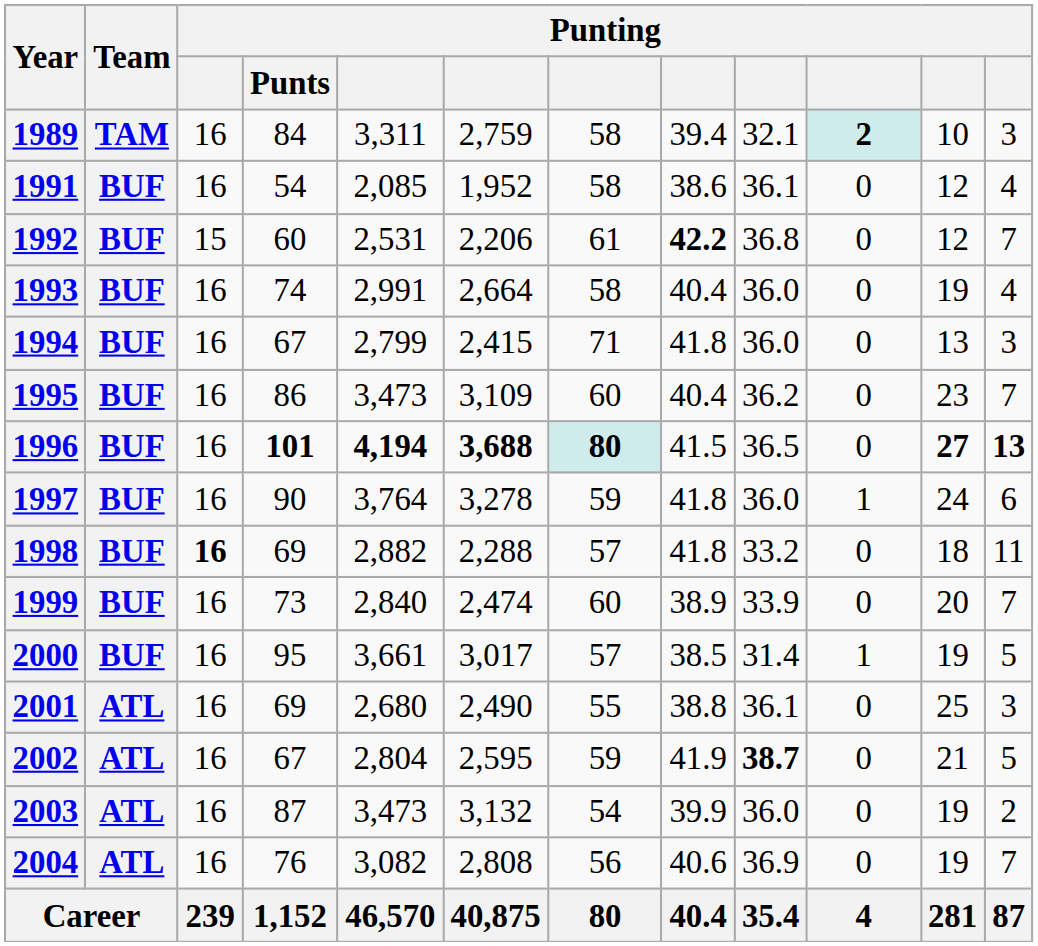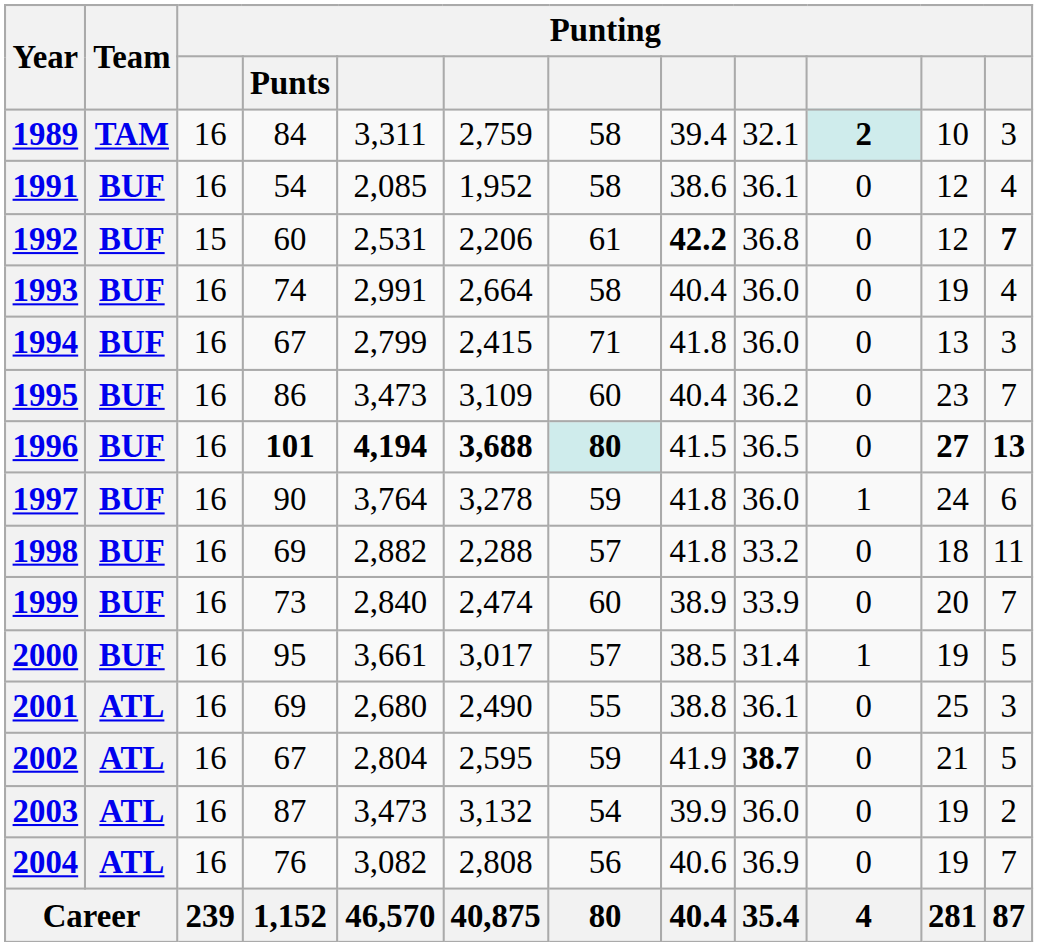 <table class=wikitable style="text-align:center;">
 <tr>
 <th rowspan="2">Year</th>
 <th rowspan="2">Team</th>
 <th colspan="10">Punting</th>
 </tr>
 <tr>
 <th></th>
 <th>Punts</th>
 <th></th>
 <th></th>
 <th></th>
 <th></th>
 <th></th>
 <th></th>
 <th></th>
 <th></th>
 </tr>
 <tr>
 <th><a href='#'>1989</a></th>
 <th><a href='#'>TAM</a></th>
 <td>16</td>
 <td>84</td>
 <td>3,311</td>
 <td>2,759</td>
 <td>58</td>
 <td>39.4</td>
 <td>32.1</td>
 <td style="background:#cfecec; width:3em;"><strong>2</strong></td>
 <td>10</td>
 <td>3</td>
 </tr>
 <tr>
 <th><a href='#'>1991</a></th>
 <th><a href='#'>BUF</a></th>
 <td>16</td>
 <td>54</td>
 <td>2,085</td>
 <td>1,952</td>
 <td>58</td>
 <td>38.6</td>
 <td>36.1</td>
 <td>0</td>
 <td>12</td>
 <td>4</td>
 </tr>
 <tr>
 <th><a href='#'>1992</a></th>
 <th><a href='#'>BUF</a></th>
 <td>15</td>
 <td>60</td>
 <td>2,531</td>
 <td>2,206</td>
 <td>61</td>
 <td><strong>42.2</strong></td>
 <td>36.8</td>
 <td>0</td>
 <td>12</td>
-<td>7</td>
+<td><strong>7</strong></td>
 </tr>
 <tr>
 <th><a href='#'>1993</a></th>
 <th><a href='#'>BUF</a></th>
 <td>16</td>
 <td>74</td>
 <td>2,991</td>
 <td>2,664</td>
 <td>58</td>
 <td>40.4</td>
 <td>36.0</td>
 <td>0</td>
 <td>19</td>
 <td>4</td>
 </tr>
 <tr>
 <th><a href='#'>1994</a></th>
 <th><a href='#'>BUF</a></th>
 <td>16</td>
 <td>67</td>
 <td>2,799</td>
 <td>2,415</td>
 <td>71</td>
 <td>41.8</td>
 <td>36.0</td>
 <td>0</td>
 <td>13</td>
 <td>3</td>
 </tr>
 <tr>
 <th><a href='#'>1995</a></th>
 <th><a href='#'>BUF</a></th>
 <td>16</td>
 <td>86</td>
 <td>3,473</td>
 <td>3,109</td>
 <td>60</td>
 <td>40.4</td>
 <td>36.2</td>
 <td>0</td>
 <td>23</td>
 <td>7</td>
 </tr>
 <tr>
 <th><a href='#'>1996</a></th>
 <th><a href='#'>BUF</a></th>
 <td>16</td>
 <td><strong>101</strong></td>
 <td><strong>4,194</strong></td>
 <td><strong>3,688</strong></td>
 <td style="background:#cfecec; width:3em;"><strong>80</strong></td>
 <td>41.5</td>
 <td>36.5</td>
 <td>0</td>
 <td><strong>27</strong></td>
 <td><strong>13</strong></td>
 </tr>
 <tr>
 <th><a href='#'>1997</a></th>
 <th><a href='#'>BUF</a></th>
 <td>16</td>
 <td>90</td>
 <td>3,764</td>
 <td>3,278</td>
 <td>59</td>
 <td>41.8</td>
 <td>36.0</td>
 <td>1</td>
 <td>24</td>
 <td>6</td>
 </tr>
 <tr>
 <th><a href='#'>1998</a></th>
 <th><a href='#'>BUF</a></th>
-<td><strong>16</strong></td>
+<td>16</td>
 <td>69</td>
 <td>2,882</td>
 <td>2,288</td>
 <td>57</td>
 <td>41.8</td>
 <td>33.2</td>
 <td>0</td>
 <td>18</td>
 <td>11</td>
 </tr>
 <tr>
 <th><a href='#'>1999</a></th>
 <th><a href='#'>BUF</a></th>
 <td>16</td>
 <td>73</td>
 <td>2,840</td>
 <td>2,474</td>
 <td>60</td>
 <td>38.9</td>
 <td>33.9</td>
 <td>0</td>
 <td>20</td>
 <td>7</td>
 </tr>
 <tr>
 <th><a href='#'>2000</a></th>
 <th><a href='#'>BUF</a></th>
 <td>16</td>
 <td>95</td>
 <td>3,661</td>
 <td>3,017</td>
 <td>57</td>
 <td>38.5</td>
 <td>31.4</td>
 <td>1</td>
 <td>19</td>
 <td>5</td>
 </tr>
 <tr>
 <th><a href='#'>2001</a></th>
 <th><a href='#'>ATL</a></th>
 <td>16</td>
 <td>69</td>
 <td>2,680</td>
 <td>2,490</td>
 <td>55</td>
 <td>38.8</td>
 <td>36.1</td>
 <td>0</td>
 <td>25</td>
 <td>3</td>
 </tr>
 <tr>
 <th><a href='#'>2002</a></th>
 <th><a href='#'>ATL</a></th>
 <td>16</td>
 <td>67</td>
 <td>2,804</td>
 <td>2,595</td>
 <td>59</td>
 <td>41.9</td>
 <td><strong>38.7</strong></td>
 <td>0</td>
 <td>21</td>
 <td>5</td>
 </tr>
 <tr>
 <th><a href='#'>2003</a></th>
 <th><a href='#'>ATL</a></th>
 <td>16</td>
 <td>87</td>
 <td>3,473</td>
 <td>3,132</td>
 <td>54</td>
 <td>39.9</td>
 <td>36.0</td>
 <td>0</td>
 <td>19</td>
 <td>2</td>
 </tr>
 <tr>
 <th><a href='#'>2004</a></th>
 <th><a href='#'>ATL</a></th>
 <td>16</td>
 <td>76</td>
 <td>3,082</td>
 <td>2,808</td>
 <td>56</td>
 <td>40.6</td>
 <td>36.9</td>
 <td>0</td>
 <td>19</td>
 <td>7</td>
 </tr>
 <tr>
 <th colspan="2">Career</th>
 <th>239</th>
 <th>1,152</th>
 <th>46,570</th>
 <th>40,875</th>
 <th>80</th>
 <th>40.4</th>
 <th>35.4</th>
 <th>4</th>
 <th>281</th>
 <th>87</th>
 </tr>
 </table>
